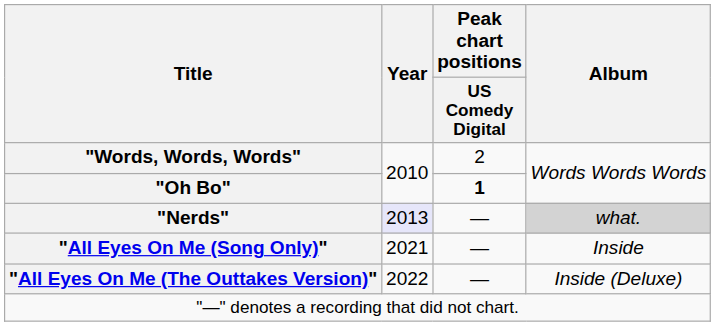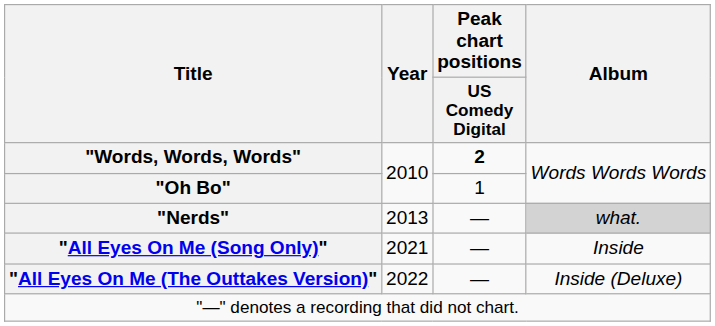 <table class="wikitable plainrowheaders" style="text-align:center;">
 <tr>
 <th scope="col" rowspan="2">Title</th>
 <th scope="col" rowspan="2">Year</th>
 <th scope="col" colspan="1">Peak chart positions</th>
 <th scope="col" rowspan="2">Album</th>
 </tr>
 <tr>
 <th scope="col" style="width:2em;font-size:90%;">US<br>Comedy<br>Digital<br></th>
 </tr>
 <tr>
 <th scope="row">"Words, Words, Words"</th>
 <td rowspan="2">2010</td>
-<td>2</td>
+<td><strong>2</strong></td>
 <td rowspan="2"><em>Words Words Words</em></td>
 </tr>
 <tr>
 <th scope="row">"Oh Bo"</th>
-<td><strong>1</strong></td>
+<td>1</td>
 </tr>
 <tr>
 <th scope="row">"Nerds"</th>
-<td style="background: lavender;">2013</td>
+<td>2013</td>
 <td>―</td>
 <td style="background: lightgrey;"><em>what.</em></td>
 </tr>
 <tr>
 <th scope="row">"<a href='#'>All Eyes On Me (Song Only)</a>"</th>
 <td>2021</td>
 <td>―</td>
 <td><em>Inside</em></td>
 </tr>
 <tr>
 <th scope="row">"<a href='#'>All Eyes On Me (The Outtakes Version)</a>"</th>
 <td>2022</td>
 <td>―</td>
 <td><em>Inside (Deluxe)</em></td>
 </tr>
 <tr>
 <td align="center" colspan="4" style="font-size:90%">"—" denotes a recording that did not chart.</td>
 </tr>
 </table>
